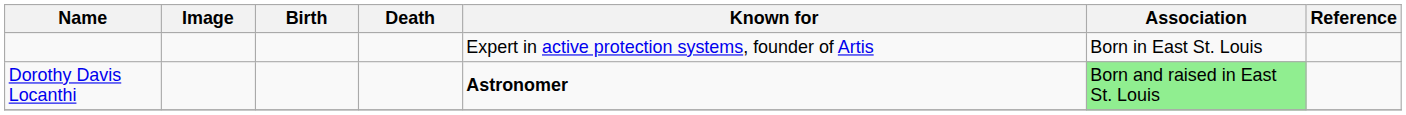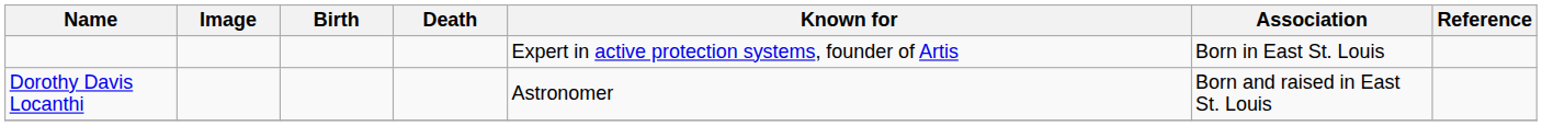 <table class="wikitable sortable">
 <tr>
 <th scope="col" width="140">Name</th>
 <th scope="col" width="80" class="unsortable">Image</th>
 <th scope="col" width="90">Birth</th>
 <th scope="col" width="90">Death</th>
 <th scope="col" width="600" class="unsortable">Known for</th>
 <th scope="col" width="200" class="unsortable">Association</th>
 <th scope="col" width="30" class="unsortable">Reference</th>
 </tr>
 <tr>
 <td></td>
 <td></td>
 <td align=right></td>
 <td align=right></td>
 <td>Expert in <a href='#'>active protection systems</a>, founder of <a href='#'>Artis</a></td>
 <td>Born in East St. Louis</td>
 <td align="center"></td>
 </tr>
 <tr>
 <td><a href='#'>Dorothy Davis Locanthi</a></td>
 <td></td>
 <td align=right></td>
 <td align=right></td>
-<td><strong>Astronomer</strong></td>
-<td style="background: lightgreen;">Born and raised in East St. Louis</td>
+<td>Astronomer</td>
+<td>Born and raised in East St. Louis</td>
 <td></td>
 </tr>
 <tr>
 </tr>
 </table>
